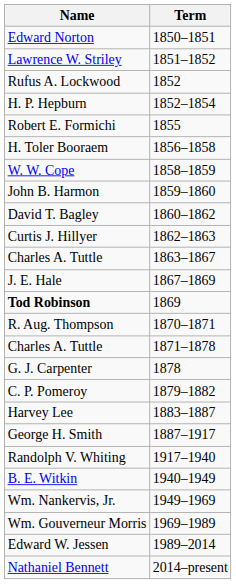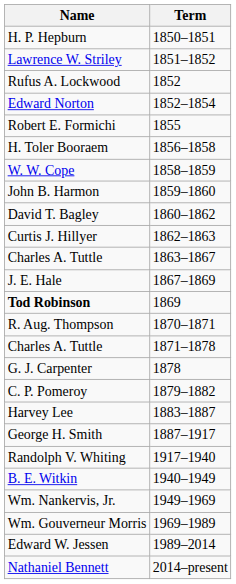 <table class="wikitable">
 <tr>
 <th>Name</th>
 <th>Term</th>
 </tr>
 <tr>
-<td><a href='#'>Edward Norton</a></td>
+<td>H. P. Hepburn</td>
 <td>1850–1851</td>
 </tr>
 <tr>
 <td><a href='#'>Lawrence W. Striley</a></td>
 <td>1851–1852</td>
 </tr>
 <tr>
 <td>Rufus A. Lockwood</td>
 <td>1852</td>
 </tr>
 <tr>
-<td>H. P. Hepburn</td>
+<td><a href='#'>Edward Norton</a></td>
 <td>1852–1854</td>
 </tr>
 <tr>
 <td>Robert E. Formichi</td>
 <td>1855</td>
 </tr>
 <tr>
 <td>H. Toler Booraem</td>
 <td>1856–1858</td>
 </tr>
 <tr>
 <td><a href='#'>W. W. Cope</a></td>
 <td>1858–1859</td>
 </tr>
 <tr>
 <td>John B. Harmon</td>
 <td>1859–1860</td>
 </tr>
 <tr>
 <td>David T. Bagley</td>
 <td>1860–1862</td>
 </tr>
 <tr>
 <td>Curtis J. Hillyer</td>
 <td>1862–1863</td>
 </tr>
 <tr>
 <td>Charles A. Tuttle</td>
 <td>1863–1867</td>
 </tr>
 <tr>
 <td>J. E. Hale</td>
 <td>1867–1869</td>
 </tr>
 <tr>
 <td><strong>Tod Robinson</strong></td>
 <td>1869</td>
 </tr>
 <tr>
 <td>R. Aug. Thompson</td>
 <td>1870–1871</td>
 </tr>
 <tr>
 <td>Charles A. Tuttle</td>
 <td>1871–1878</td>
 </tr>
 <tr>
 <td>G. J. Carpenter</td>
 <td>1878</td>
 </tr>
 <tr>
 <td>C. P. Pomeroy</td>
 <td>1879–1882</td>
 </tr>
 <tr>
 <td>Harvey Lee</td>
 <td>1883–1887</td>
 </tr>
 <tr>
 <td>George H. Smith</td>
 <td>1887–1917</td>
 </tr>
 <tr>
 <td>Randolph V. Whiting</td>
 <td>1917–1940</td>
 </tr>
 <tr>
 <td><a href='#'>B. E. Witkin</a></td>
 <td>1940–1949</td>
 </tr>
 <tr>
 <td>Wm. Nankervis, Jr.</td>
 <td>1949–1969</td>
 </tr>
 <tr>
 <td>Wm. Gouverneur Morris</td>
 <td>1969–1989</td>
 </tr>
 <tr>
 <td>Edward W. Jessen</td>
 <td>1989–2014</td>
 </tr>
 <tr>
 <td><a href='#'>Nathaniel Bennett</a></td>
 <td>2014–present</td>
 </tr>
 </table>
